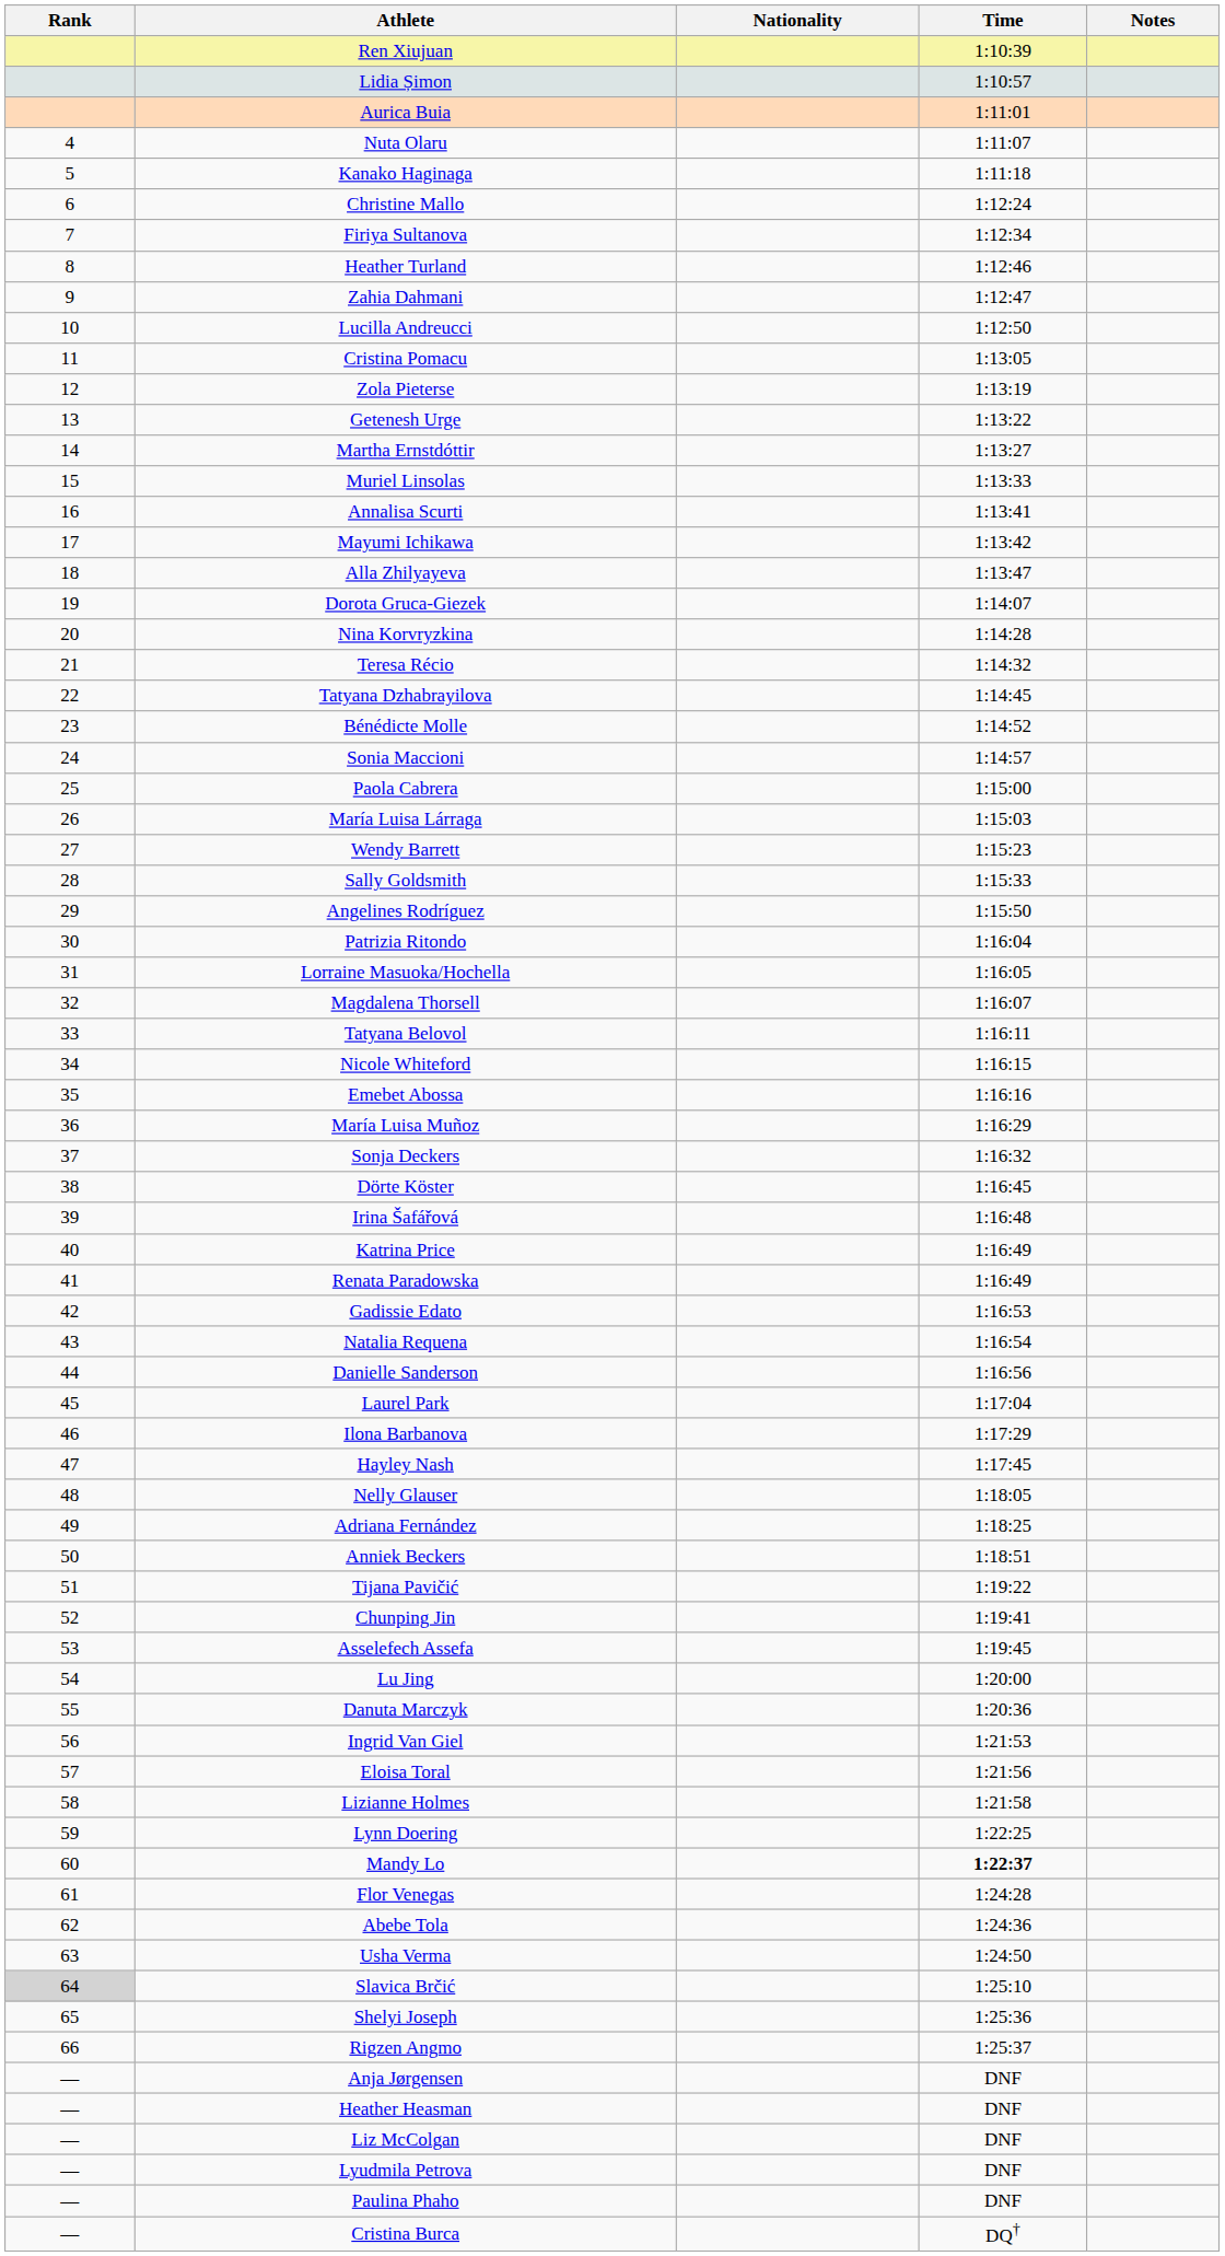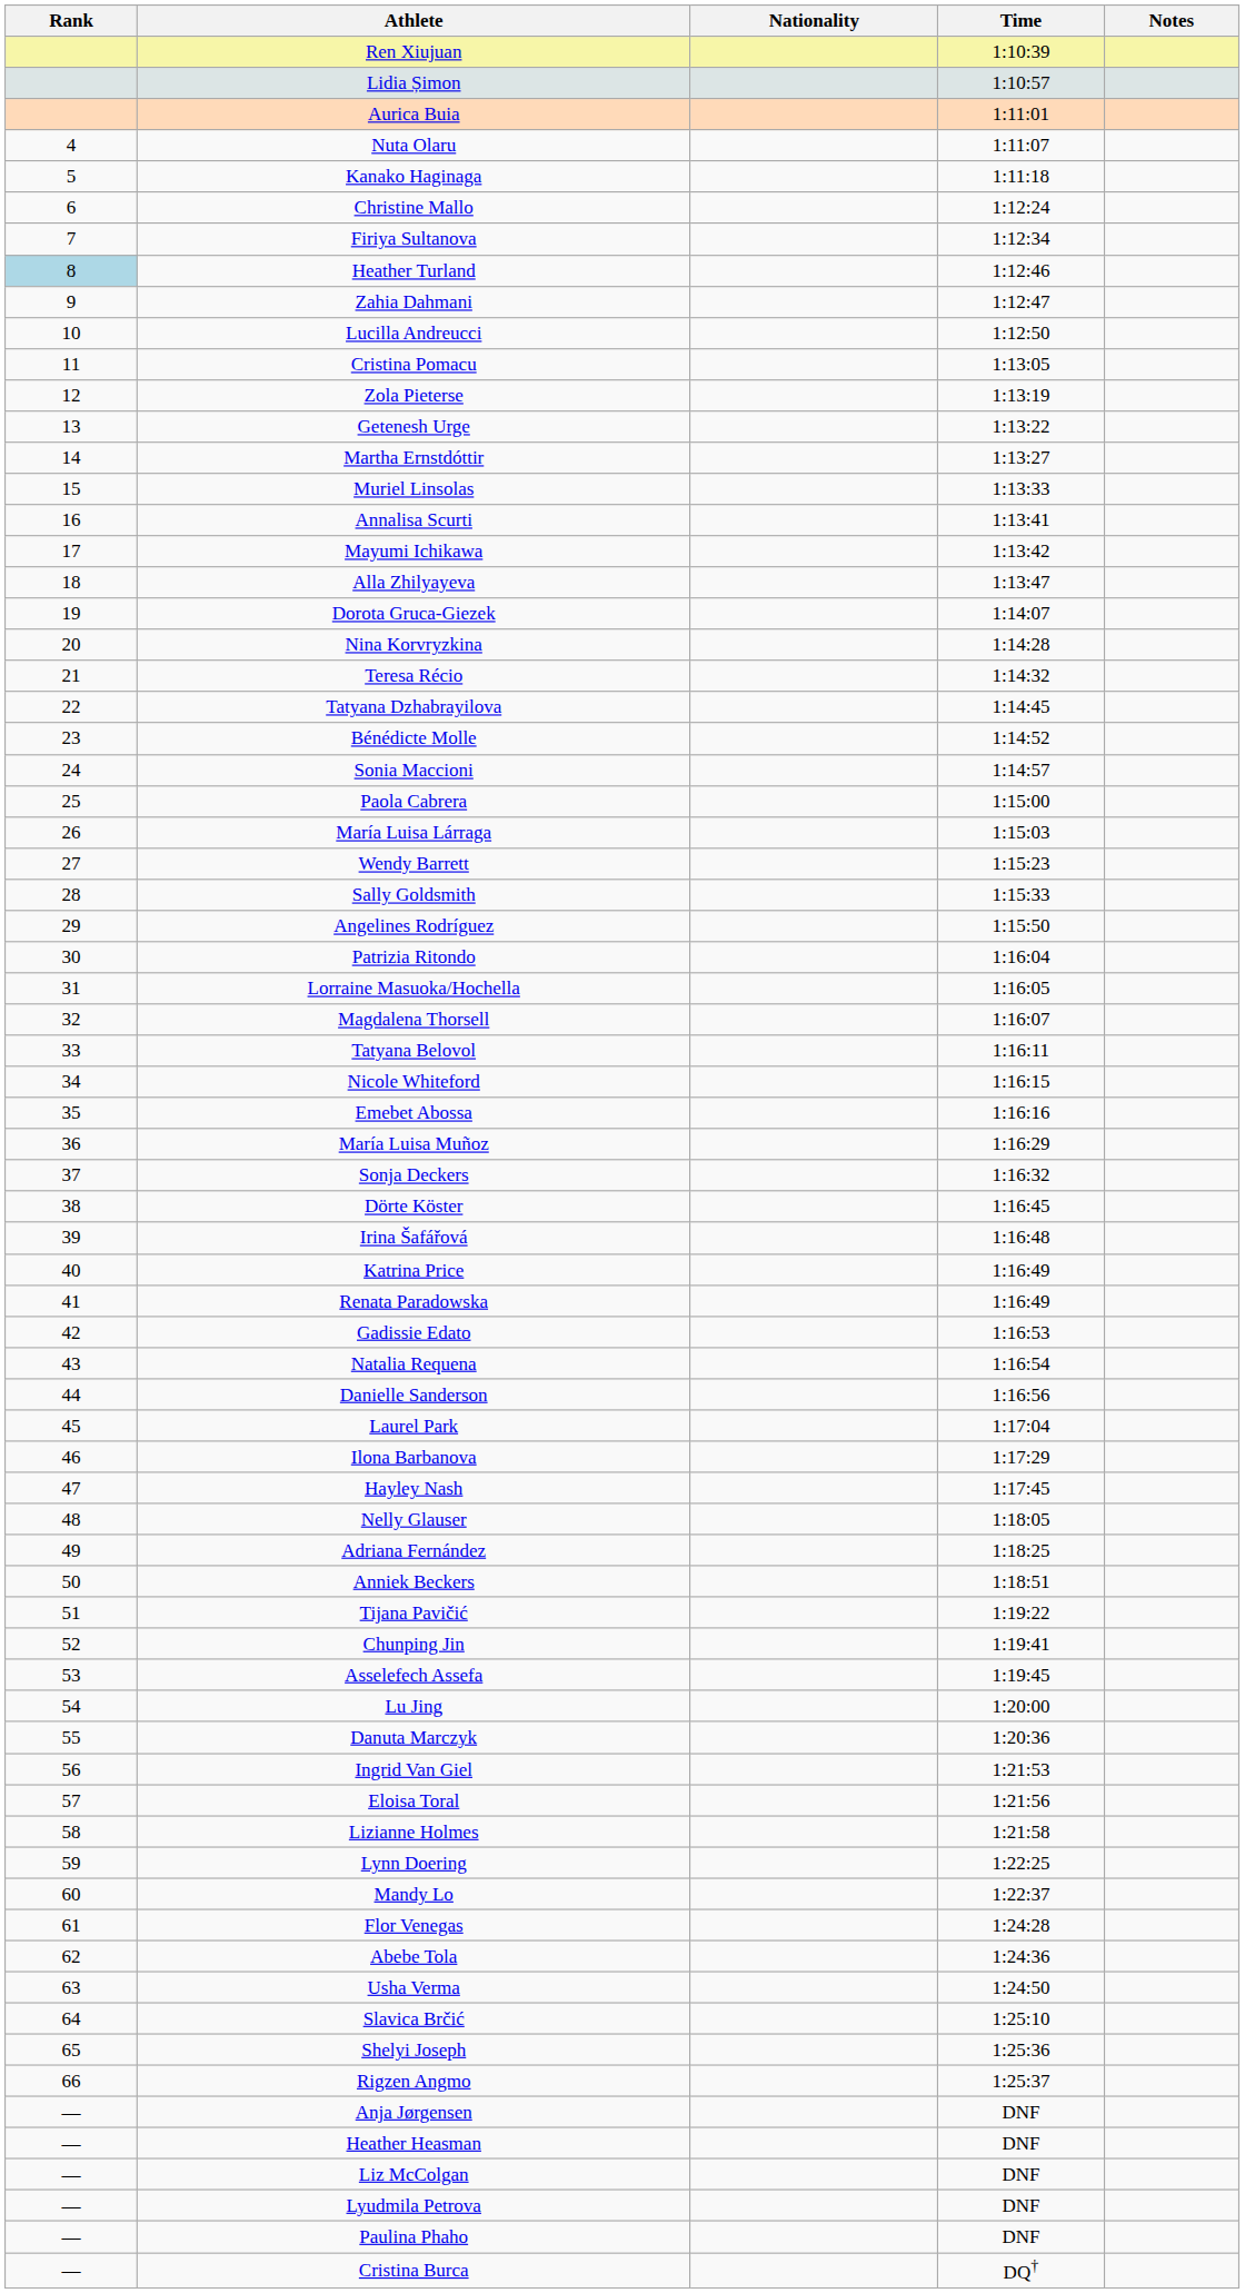 <table class="wikitable sortable" style=" text-align:center; font-size:95%;" width="50%">
 <tr>
 <th>Rank</th>
 <th>Athlete</th>
 <th>Nationality</th>
 <th>Time</th>
 <th>Notes</th>
 </tr>
 <tr bgcolor="#F7F6A8">
 <td align=center></td>
 <td><a href='#'>Ren Xiujuan</a></td>
 <td align=left></td>
 <td>1:10:39</td>
 <td></td>
 </tr>
 <tr bgcolor="#DCE5E5">
 <td align=center></td>
 <td><a href='#'>Lidia Șimon</a></td>
 <td align=left></td>
 <td>1:10:57</td>
 <td></td>
 </tr>
 <tr bgcolor="#FFDAB9">
 <td align=center></td>
 <td><a href='#'>Aurica Buia</a></td>
 <td align=left></td>
 <td>1:11:01</td>
 <td></td>
 </tr>
 <tr>
 <td align=center>4</td>
 <td><a href='#'>Nuta Olaru</a></td>
 <td align=left></td>
 <td>1:11:07</td>
 <td></td>
 </tr>
 <tr>
 <td align=center>5</td>
 <td><a href='#'>Kanako Haginaga</a></td>
 <td align=left></td>
 <td>1:11:18</td>
 <td></td>
 </tr>
 <tr>
 <td align=center>6</td>
 <td><a href='#'>Christine Mallo</a></td>
 <td align=left></td>
 <td>1:12:24</td>
 <td></td>
 </tr>
 <tr>
 <td align=center>7</td>
 <td><a href='#'>Firiya Sultanova</a></td>
 <td align=left></td>
 <td>1:12:34</td>
 <td></td>
 </tr>
 <tr>
-<td align=center>8</td>
+<td align=center style="background: lightblue;">8</td>
 <td><a href='#'>Heather Turland</a></td>
 <td align=left></td>
 <td>1:12:46</td>
 <td></td>
 </tr>
 <tr>
 <td align=center>9</td>
 <td><a href='#'>Zahia Dahmani</a></td>
 <td align=left></td>
 <td>1:12:47</td>
 <td></td>
 </tr>
 <tr>
 <td align=center>10</td>
 <td><a href='#'>Lucilla Andreucci</a></td>
 <td align=left></td>
 <td>1:12:50</td>
 <td></td>
 </tr>
 <tr>
 <td align=center>11</td>
 <td><a href='#'>Cristina Pomacu</a></td>
 <td align=left></td>
 <td>1:13:05</td>
 <td></td>
 </tr>
 <tr>
 <td align=center>12</td>
 <td><a href='#'>Zola Pieterse</a></td>
 <td align=left></td>
 <td>1:13:19</td>
 <td></td>
 </tr>
 <tr>
 <td align=center>13</td>
 <td><a href='#'>Getenesh Urge</a></td>
 <td align=left></td>
 <td>1:13:22</td>
 <td></td>
 </tr>
 <tr>
 <td align=center>14</td>
 <td><a href='#'>Martha Ernstdóttir</a></td>
 <td align=left></td>
 <td>1:13:27</td>
 <td></td>
 </tr>
 <tr>
 <td align=center>15</td>
 <td><a href='#'>Muriel Linsolas</a></td>
 <td align=left></td>
 <td>1:13:33</td>
 <td></td>
 </tr>
 <tr>
 <td align=center>16</td>
 <td><a href='#'>Annalisa Scurti</a></td>
 <td align=left></td>
 <td>1:13:41</td>
 <td></td>
 </tr>
 <tr>
 <td align=center>17</td>
 <td><a href='#'>Mayumi Ichikawa</a></td>
 <td align=left></td>
 <td>1:13:42</td>
 <td></td>
 </tr>
 <tr>
 <td align=center>18</td>
 <td><a href='#'>Alla Zhilyayeva</a></td>
 <td align=left></td>
 <td>1:13:47</td>
 <td></td>
 </tr>
 <tr>
 <td align=center>19</td>
 <td><a href='#'>Dorota Gruca-Giezek</a></td>
 <td align=left></td>
 <td>1:14:07</td>
 <td></td>
 </tr>
 <tr>
 <td align=center>20</td>
 <td><a href='#'>Nina Korvryzkina</a></td>
 <td align=left></td>
 <td>1:14:28</td>
 <td></td>
 </tr>
 <tr>
 <td align=center>21</td>
 <td><a href='#'>Teresa Récio</a></td>
 <td align=left></td>
 <td>1:14:32</td>
 <td></td>
 </tr>
 <tr>
 <td align=center>22</td>
 <td><a href='#'>Tatyana Dzhabrayilova</a></td>
 <td align=left></td>
 <td>1:14:45</td>
 <td></td>
 </tr>
 <tr>
 <td align=center>23</td>
 <td><a href='#'>Bénédicte Molle</a></td>
 <td align=left></td>
 <td>1:14:52</td>
 <td></td>
 </tr>
 <tr>
 <td align=center>24</td>
 <td><a href='#'>Sonia Maccioni</a></td>
 <td align=left></td>
 <td>1:14:57</td>
 <td></td>
 </tr>
 <tr>
 <td align=center>25</td>
 <td><a href='#'>Paola Cabrera</a></td>
 <td align=left></td>
 <td>1:15:00</td>
 <td></td>
 </tr>
 <tr>
 <td align=center>26</td>
 <td><a href='#'>María Luisa Lárraga</a></td>
 <td align=left></td>
 <td>1:15:03</td>
 <td></td>
 </tr>
 <tr>
 <td align=center>27</td>
 <td><a href='#'>Wendy Barrett</a></td>
 <td align=left></td>
 <td>1:15:23</td>
 <td></td>
 </tr>
 <tr>
 <td align=center>28</td>
 <td><a href='#'>Sally Goldsmith</a></td>
 <td align=left></td>
 <td>1:15:33</td>
 <td></td>
 </tr>
 <tr>
 <td align=center>29</td>
 <td><a href='#'>Angelines Rodríguez</a></td>
 <td align=left></td>
 <td>1:15:50</td>
 <td></td>
 </tr>
 <tr>
 <td align=center>30</td>
 <td><a href='#'>Patrizia Ritondo</a></td>
 <td align=left></td>
 <td>1:16:04</td>
 <td></td>
 </tr>
 <tr>
 <td align=center>31</td>
 <td><a href='#'>Lorraine Masuoka/Hochella</a></td>
 <td align=left></td>
 <td>1:16:05</td>
 <td></td>
 </tr>
 <tr>
 <td align=center>32</td>
 <td><a href='#'>Magdalena Thorsell</a></td>
 <td align=left></td>
 <td>1:16:07</td>
 <td></td>
 </tr>
 <tr>
 <td align=center>33</td>
 <td><a href='#'>Tatyana Belovol</a></td>
 <td align=left></td>
 <td>1:16:11</td>
 <td></td>
 </tr>
 <tr>
 <td align=center>34</td>
 <td><a href='#'>Nicole Whiteford</a></td>
 <td align=left></td>
 <td>1:16:15</td>
 <td></td>
 </tr>
 <tr>
 <td align=center>35</td>
 <td><a href='#'>Emebet Abossa</a></td>
 <td align=left></td>
 <td>1:16:16</td>
 <td></td>
 </tr>
 <tr>
 <td align=center>36</td>
 <td><a href='#'>María Luisa Muñoz</a></td>
 <td align=left></td>
 <td>1:16:29</td>
 <td></td>
 </tr>
 <tr>
 <td align=center>37</td>
 <td><a href='#'>Sonja Deckers</a></td>
 <td align=left></td>
 <td>1:16:32</td>
 <td></td>
 </tr>
 <tr>
 <td align=center>38</td>
 <td><a href='#'>Dörte Köster</a></td>
 <td align=left></td>
 <td>1:16:45</td>
 <td></td>
 </tr>
 <tr>
 <td align=center>39</td>
 <td><a href='#'>Irina Šafářová</a></td>
 <td align=left></td>
 <td>1:16:48</td>
 <td></td>
 </tr>
 <tr>
 <td align=center>40</td>
 <td><a href='#'>Katrina Price</a></td>
 <td align=left></td>
 <td>1:16:49</td>
 <td></td>
 </tr>
 <tr>
 <td align=center>41</td>
 <td><a href='#'>Renata Paradowska</a></td>
 <td align=left></td>
 <td>1:16:49</td>
 <td></td>
 </tr>
 <tr>
 <td align=center>42</td>
 <td><a href='#'>Gadissie Edato</a></td>
 <td align=left></td>
 <td>1:16:53</td>
 <td></td>
 </tr>
 <tr>
 <td align=center>43</td>
 <td><a href='#'>Natalia Requena</a></td>
 <td align=left></td>
 <td>1:16:54</td>
 <td></td>
 </tr>
 <tr>
 <td align=center>44</td>
 <td><a href='#'>Danielle Sanderson</a></td>
 <td align=left></td>
 <td>1:16:56</td>
 <td></td>
 </tr>
 <tr>
 <td align=center>45</td>
 <td><a href='#'>Laurel Park</a></td>
 <td align=left></td>
 <td>1:17:04</td>
 <td></td>
 </tr>
 <tr>
 <td align=center>46</td>
 <td><a href='#'>Ilona Barbanova</a></td>
 <td align=left></td>
 <td>1:17:29</td>
 <td></td>
 </tr>
 <tr>
 <td align=center>47</td>
 <td><a href='#'>Hayley Nash</a></td>
 <td align=left></td>
 <td>1:17:45</td>
 <td></td>
 </tr>
 <tr>
 <td align=center>48</td>
 <td><a href='#'>Nelly Glauser</a></td>
 <td align=left></td>
 <td>1:18:05</td>
 <td></td>
 </tr>
 <tr>
 <td align=center>49</td>
 <td><a href='#'>Adriana Fernández</a></td>
 <td align=left></td>
 <td>1:18:25</td>
 <td></td>
 </tr>
 <tr>
 <td align=center>50</td>
 <td><a href='#'>Anniek Beckers</a></td>
 <td align=left></td>
 <td>1:18:51</td>
 <td></td>
 </tr>
 <tr>
 <td align=center>51</td>
 <td><a href='#'>Tijana Pavičić</a></td>
 <td align=left></td>
 <td>1:19:22</td>
 <td></td>
 </tr>
 <tr>
 <td align=center>52</td>
 <td><a href='#'>Chunping Jin</a></td>
 <td align=left></td>
 <td>1:19:41</td>
 <td></td>
 </tr>
 <tr>
 <td align=center>53</td>
 <td><a href='#'>Asselefech Assefa</a></td>
 <td align=left></td>
 <td>1:19:45</td>
 <td></td>
 </tr>
 <tr>
 <td align=center>54</td>
 <td><a href='#'>Lu Jing</a></td>
 <td align=left></td>
 <td>1:20:00</td>
 <td></td>
 </tr>
 <tr>
 <td align=center>55</td>
 <td><a href='#'>Danuta Marczyk</a></td>
 <td align=left></td>
 <td>1:20:36</td>
 <td></td>
 </tr>
 <tr>
 <td align=center>56</td>
 <td><a href='#'>Ingrid Van Giel</a></td>
 <td align=left></td>
 <td>1:21:53</td>
 <td></td>
 </tr>
 <tr>
 <td align=center>57</td>
 <td><a href='#'>Eloisa Toral</a></td>
 <td align=left></td>
 <td>1:21:56</td>
 <td></td>
 </tr>
 <tr>
 <td align=center>58</td>
 <td><a href='#'>Lizianne Holmes</a></td>
 <td align=left></td>
 <td>1:21:58</td>
 <td></td>
 </tr>
 <tr>
 <td align=center>59</td>
 <td><a href='#'>Lynn Doering</a></td>
 <td align=left></td>
 <td>1:22:25</td>
 <td></td>
 </tr>
 <tr>
 <td align=center>60</td>
 <td><a href='#'>Mandy Lo</a></td>
 <td align=left></td>
-<td><strong>1:22:37</strong></td>
+<td>1:22:37</td>
 <td></td>
 </tr>
 <tr>
 <td align=center>61</td>
 <td><a href='#'>Flor Venegas</a></td>
 <td align=left></td>
 <td>1:24:28</td>
 <td></td>
 </tr>
 <tr>
 <td align=center>62</td>
 <td><a href='#'>Abebe Tola</a></td>
 <td align=left></td>
 <td>1:24:36</td>
 <td></td>
 </tr>
 <tr>
 <td align=center>63</td>
 <td><a href='#'>Usha Verma</a></td>
 <td align=left></td>
 <td>1:24:50</td>
 <td></td>
 </tr>
 <tr>
-<td align=center style="background: lightgrey;">64</td>
+<td align=center>64</td>
 <td><a href='#'>Slavica Brčić</a></td>
 <td align=left></td>
 <td>1:25:10</td>
 <td></td>
 </tr>
 <tr>
 <td align=center>65</td>
 <td><a href='#'>Shelyi Joseph</a></td>
 <td align=left></td>
 <td>1:25:36</td>
 <td></td>
 </tr>
 <tr>
 <td align=center>66</td>
 <td><a href='#'>Rigzen Angmo</a></td>
 <td align=left></td>
 <td>1:25:37</td>
 <td></td>
 </tr>
 <tr>
 <td align=center>—</td>
 <td><a href='#'>Anja Jørgensen</a></td>
 <td align=left></td>
 <td>DNF</td>
 <td></td>
 </tr>
 <tr>
 <td align=center>—</td>
 <td><a href='#'>Heather Heasman</a></td>
 <td align=left></td>
 <td>DNF</td>
 <td></td>
 </tr>
 <tr>
 <td align=center>—</td>
 <td><a href='#'>Liz McColgan</a></td>
 <td align=left></td>
 <td>DNF</td>
 <td></td>
 </tr>
 <tr>
 <td align=center>—</td>
 <td><a href='#'>Lyudmila Petrova</a></td>
 <td align=left></td>
 <td>DNF</td>
 <td></td>
 </tr>
 <tr>
 <td align=center>—</td>
 <td><a href='#'>Paulina Phaho</a></td>
 <td align=left></td>
 <td>DNF</td>
 <td></td>
 </tr>
 <tr>
 <td align=center>—</td>
 <td><a href='#'>Cristina Burca</a></td>
 <td align=left></td>
 <td>DQ<sup>†</sup></td>
 <td></td>
 </tr>
 </table>
